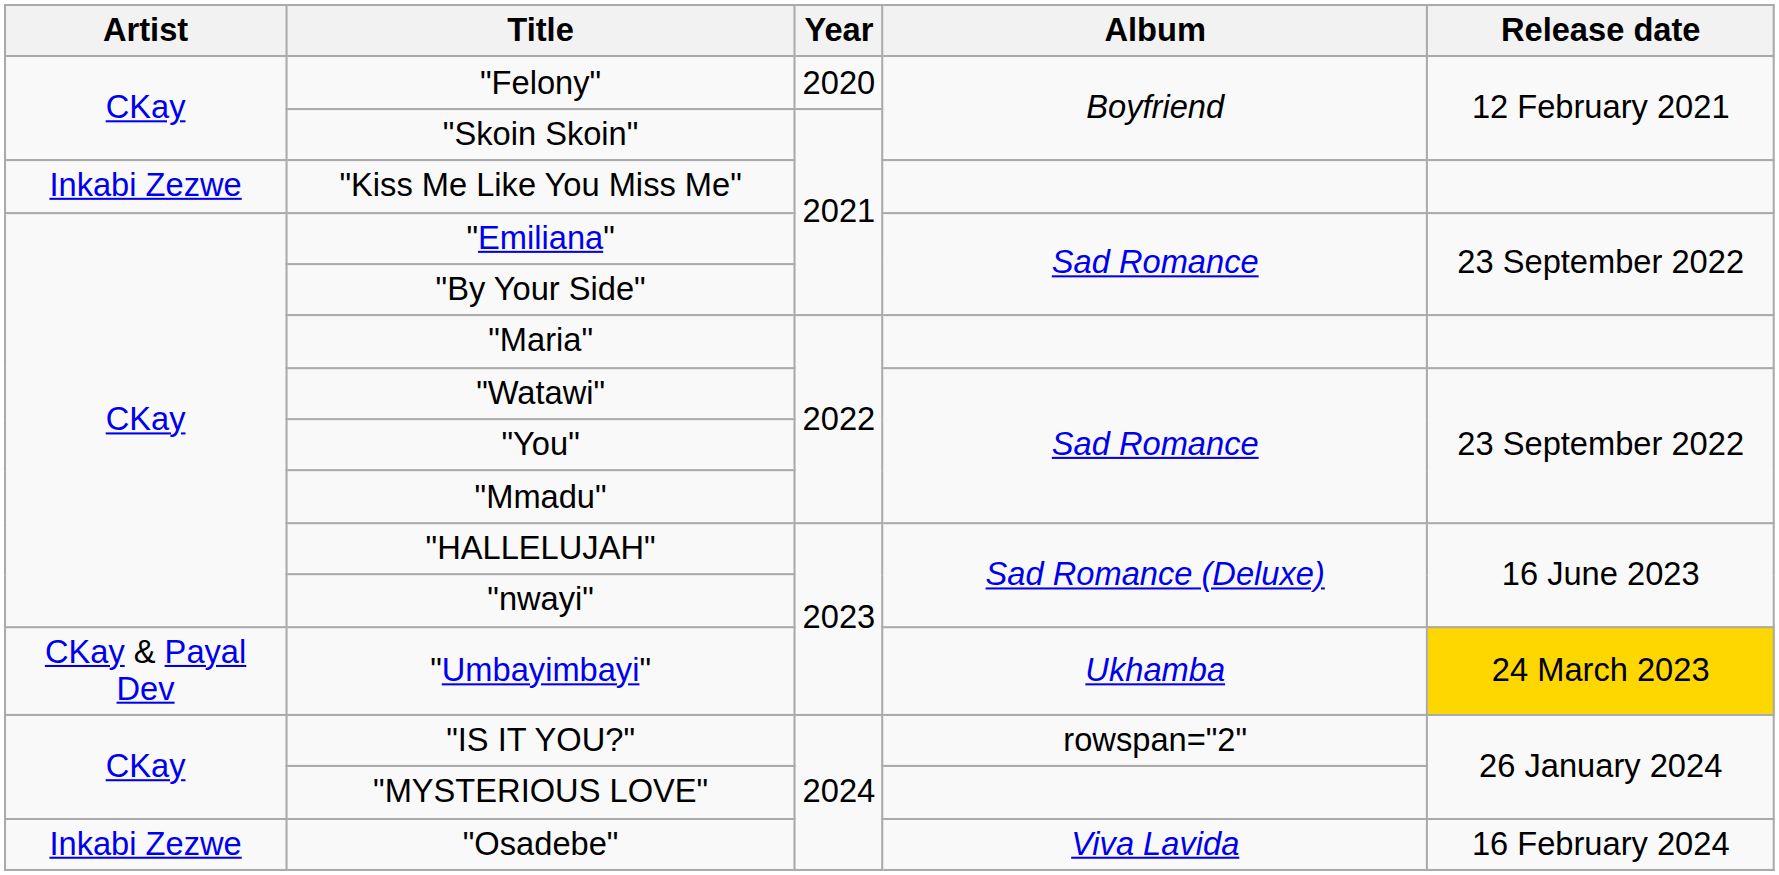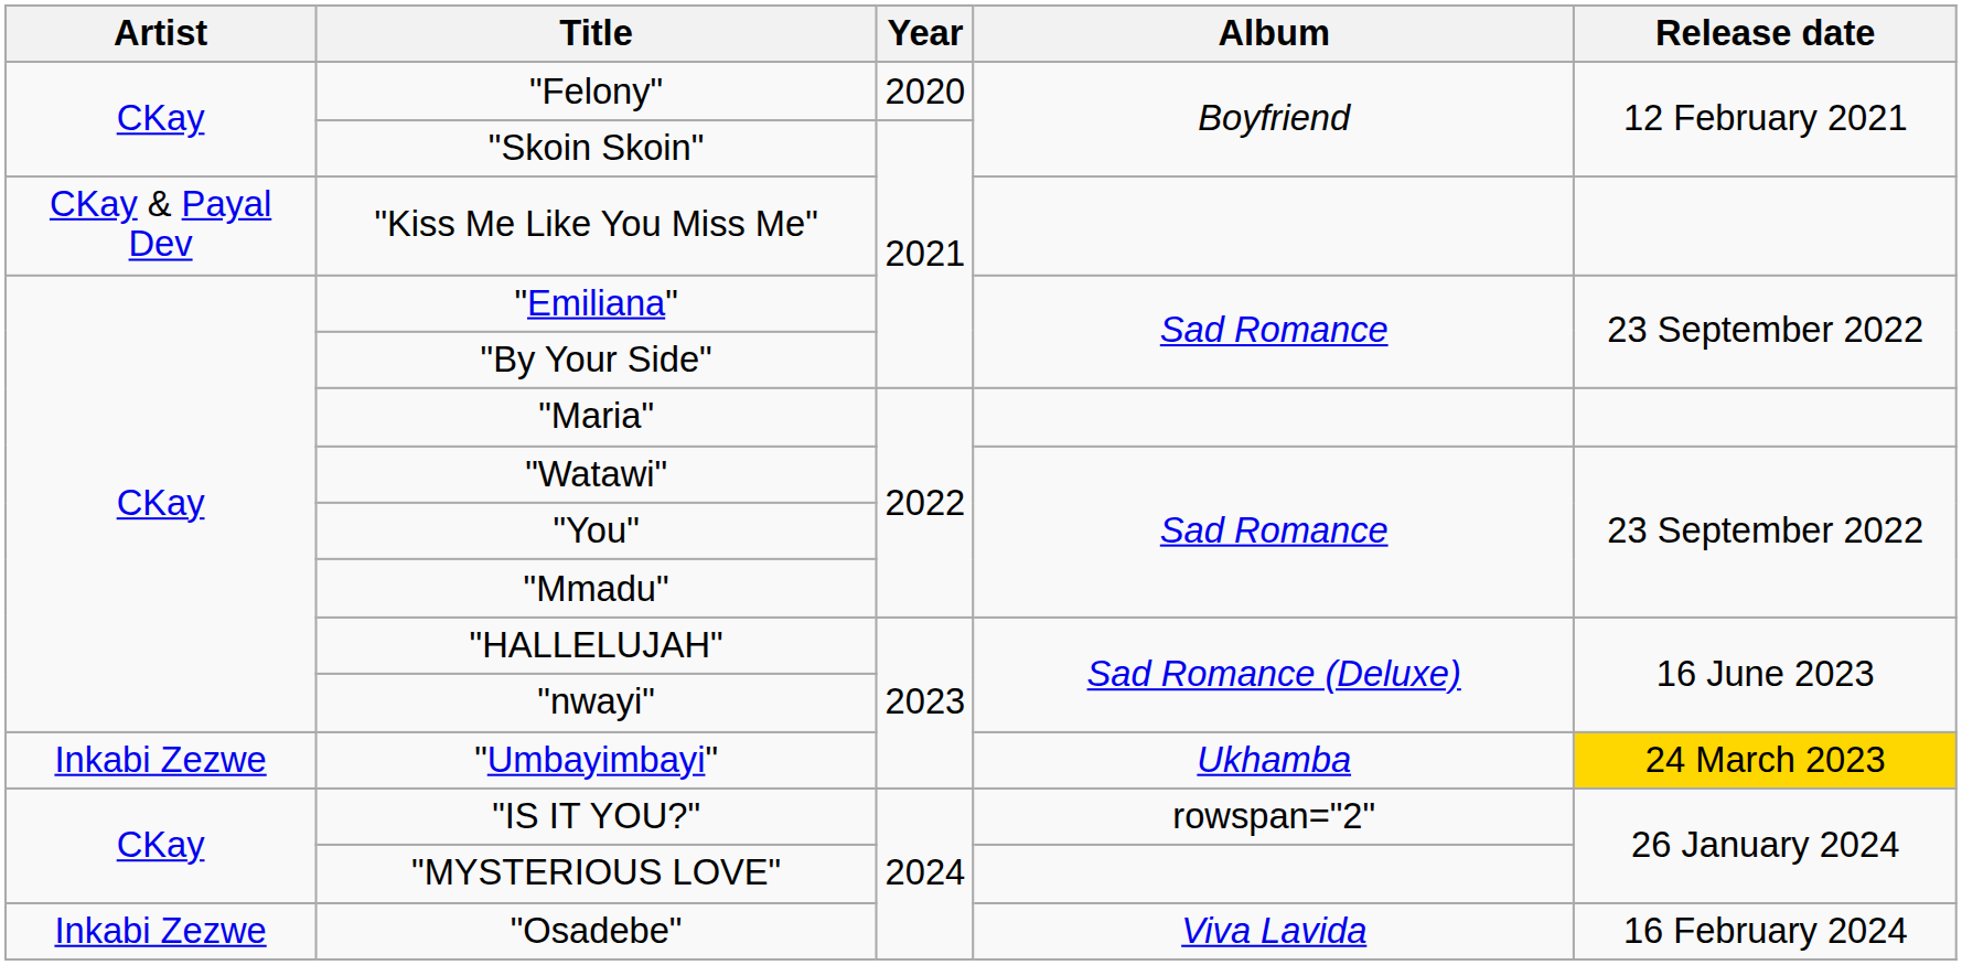 <table class="wikitable plainrowheaders" style="text-align:center;" border="1">
 <tr>
 <th style="width:10em;">Artist</th>
 <th style="width:18em;">Title</th>
 <th style="width:2em;">Year</th>
 <th style="width:20em;">Album</th>
 <th style="width:12em;">Release date</th>
 </tr>
 <tr>
 <td rowspan="2"><a href='#'>CKay</a></td>
 <td>"Felony"</td>
 <td rowspan="1">2020</td>
 <td rowspan="2"><em>Boyfriend</em></td>
 <td rowspan="2">12 February 2021</td>
 </tr>
 <tr>
 <td>"Skoin Skoin"</td>
 <td rowspan="4">2021</td>
 </tr>
 <tr>
-<td><a href='#'>Inkabi Zezwe</a></td>
+<td><a href='#'>CKay</a> & <a href='#'>Payal Dev</a></td>
 <td>"Kiss Me Like You Miss Me"</td>
 <td></td>
 <td></td>
 </tr>
 <tr>
 <td rowspan="8"><a href='#'>CKay</a></td>
 <td>"<a href='#'>Emiliana</a>"</td>
 <td rowspan="2"><em><a href='#'>Sad Romance</a></em></td>
 <td rowspan="2">23 September 2022</td>
 </tr>
 <tr>
 <td>"By Your Side"</td>
 </tr>
 <tr>
 <td>"Maria"</td>
 <td rowspan="4">2022</td>
 <td></td>
 <td></td>
 </tr>
 <tr>
 <td>"Watawi"</td>
 <td rowspan="3"><em><a href='#'>Sad Romance</a></em></td>
 <td rowspan="3">23 September 2022</td>
 </tr>
 <tr>
 <td>"You"</td>
 </tr>
 <tr>
 <td>"Mmadu"</td>
 </tr>
 <tr>
 <td>"HALLELUJAH"</td>
 <td rowspan="3">2023</td>
 <td rowspan="2"><em><a href='#'>Sad Romance (Deluxe)</a></em></td>
 <td rowspan="2">16 June 2023</td>
 </tr>
 <tr>
 <td>"nwayi"</td>
 </tr>
 <tr>
-<td><a href='#'>CKay</a> & <a href='#'>Payal Dev</a></td>
+<td><a href='#'>Inkabi Zezwe</a></td>
 <td>"<a href='#'>Umbayimbayi</a>"</td>
 <td><em><a href='#'>Ukhamba</a></em></td>
 <td style="background: gold;">24 March 2023</td>
 </tr>
 <tr>
 <td rowspan="2"><a href='#'>CKay</a></td>
 <td>"IS IT YOU?"</td>
 <td rowspan="3">2024</td>
 <td>rowspan="2" </td>
 <td rowspan="2">26 January 2024</td>
 </tr>
 <tr>
 <td>"MYSTERIOUS LOVE"</td>
 </tr>
 <tr>
 <td><a href='#'>Inkabi Zezwe</a></td>
 <td>"Osadebe"</td>
 <td><em><a href='#'>Viva Lavida</a></em></td>
 <td>16 February 2024</td>
 </tr>
 </table>
